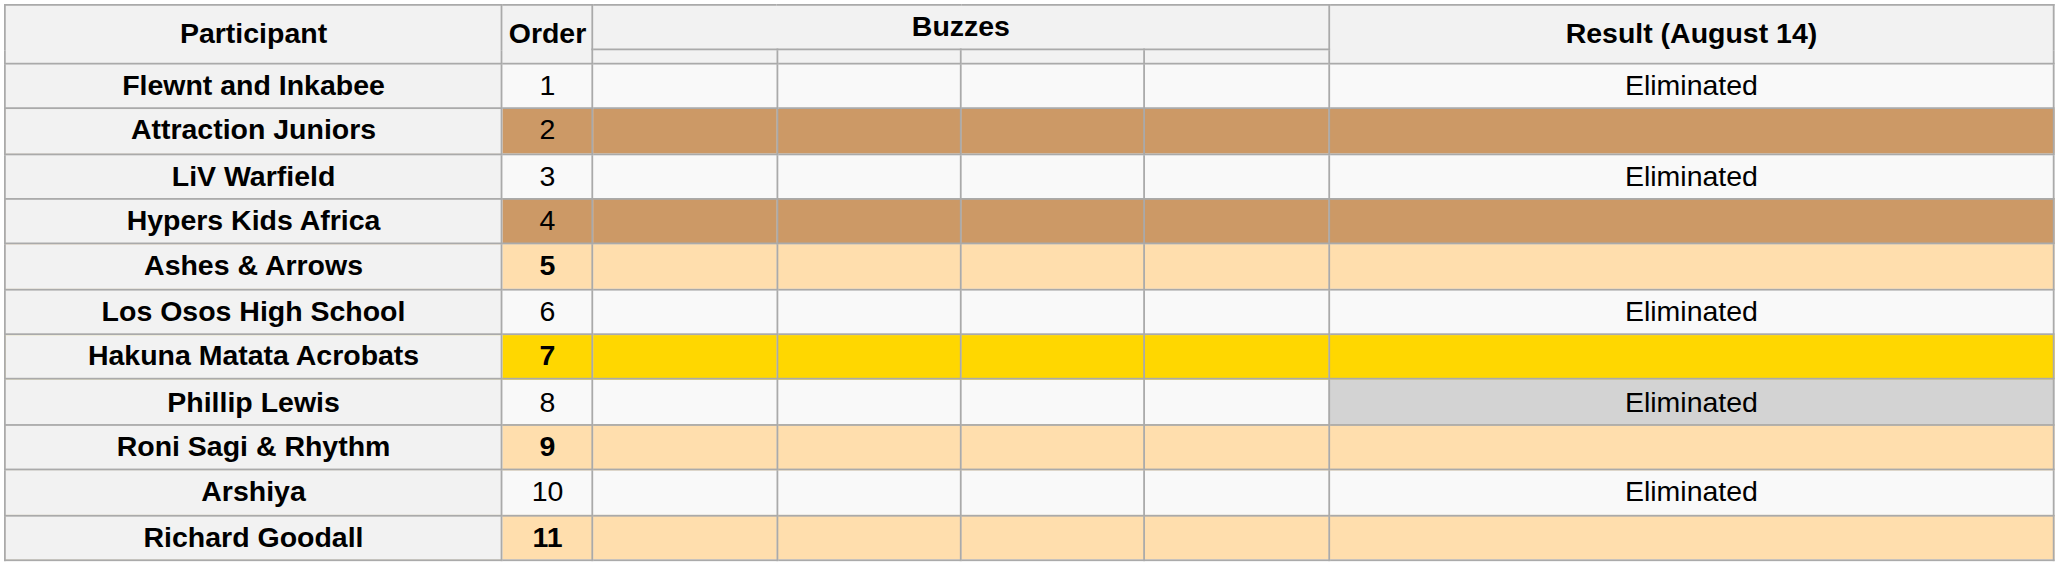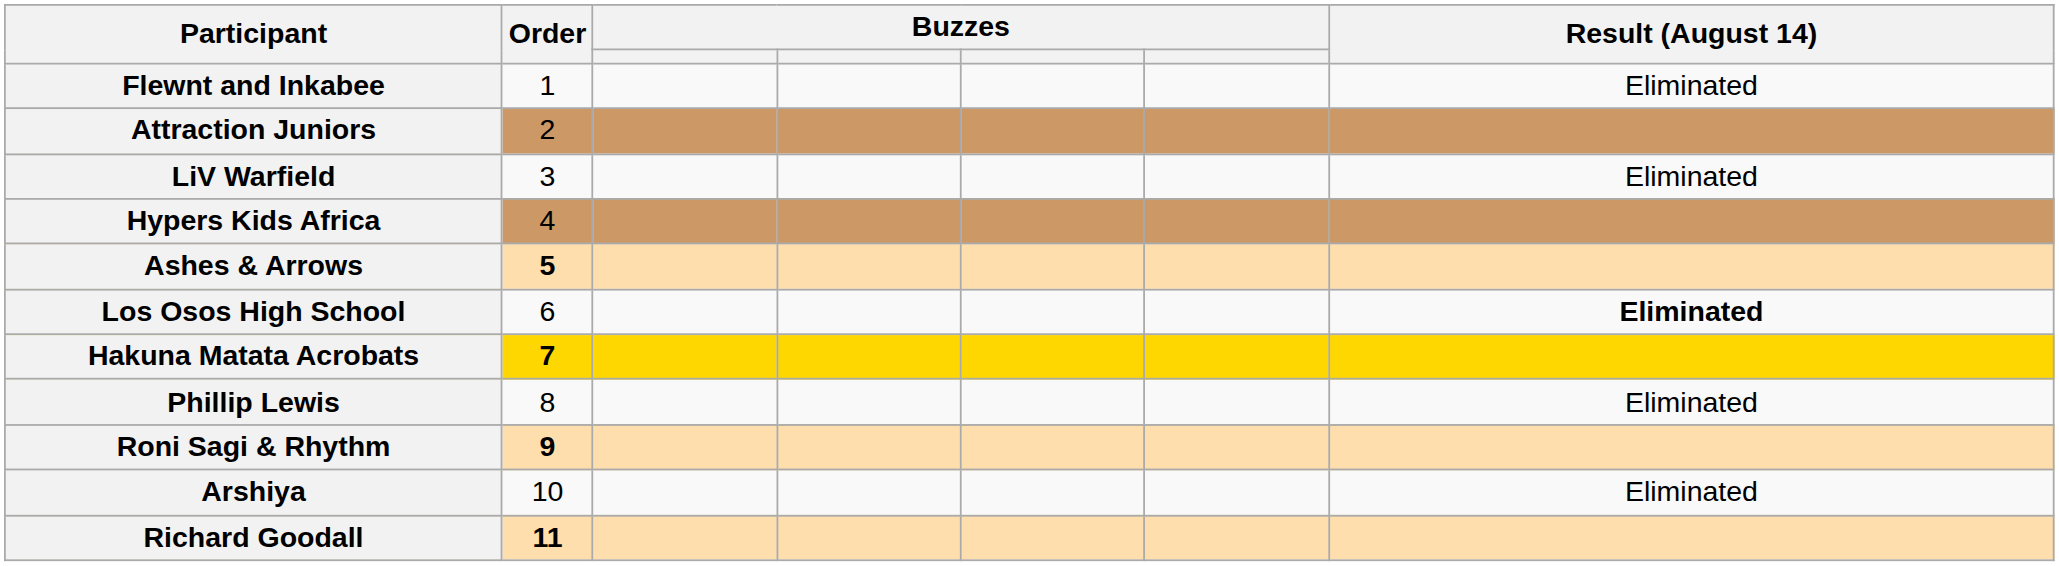 <table class="wikitable plainrowheaders sortable" style="text-align:center;">
 <tr>
 <th scope="col" rowspan="2" class="unsortable" style="width:17em;">Participant</th>
 <th scope="col" rowspan="2" style="width:1em;">Order</th>
 <th scope="col" colspan="4" class="unsortable" style="width:24em;">Buzzes</th>
 <th scope="col" rowspan="2" style="width:25em;">Result (August 14)</th>
 </tr>
 <tr>
 <th scope="col" class="unsortable" style="width:6em;"></th>
 <th scope="col" class="unsortable" style="width:6em;"></th>
 <th scope="col" class="unsortable" style="width:6em;"></th>
 <th scope="col" class="unsortable" style="width:6em;"></th>
 </tr>
 <tr>
 <th scope="row">Flewnt and Inkabee</th>
 <td>1</td>
 <td style="text-align:center;"></td>
 <td style="text-align:center;"></td>
 <td style="text-align:center;"></td>
 <td style="text-align:center;"></td>
 <td>Eliminated</td>
 </tr>
 <tr bgcolor=#c96>
 <th scope="row">Attraction Juniors</th>
 <td>2</td>
 <td style="text-align:center;"></td>
 <td style="text-align:center;"></td>
 <td style="text-align:center;"></td>
 <td style="text-align:center;"></td>
 <td></td>
 </tr>
 <tr>
 <th scope="row">LiV Warfield</th>
 <td>3</td>
 <td style="text-align:center;"></td>
 <td style="text-align:center;"></td>
 <td style="text-align:center;"></td>
 <td style="text-align:center;"></td>
 <td>Eliminated</td>
 </tr>
 <tr bgcolor=#c96>
 <th scope="row">Hypers Kids Africa</th>
 <td>4</td>
 <td style="text-align:center;"></td>
 <td style="text-align:center;"></td>
 <td style="text-align:center;"></td>
 <td style="text-align:center;"></td>
 <td></td>
 </tr>
 <tr bgcolor=navajowhite>
 <th scope="row"><strong>Ashes & Arrows</strong></th>
 <td><strong>5</strong></td>
 <td style="text-align:center;"></td>
 <td style="text-align:center;"></td>
 <td style="text-align:center;"></td>
 <td style="text-align:center;"></td>
 <td><strong></strong></td>
 </tr>
 <tr>
 <th scope="row">Los Osos High School</th>
 <td>6</td>
 <td style="text-align:center;"></td>
 <td style="text-align:center;"></td>
 <td style="text-align:center;"></td>
 <td style="text-align:center;"></td>
-<td>Eliminated</td>
+<td><strong>Eliminated</strong></td>
 </tr>
 <tr bgcolor=gold>
 <th scope="row"><strong>Hakuna Matata Acrobats</strong></th>
 <td><strong>7</strong></td>
 <td style="text-align:center;"></td>
 <td style="text-align:center;"></td>
 <td style="text-align:center;"></td>
 <td style="text-align:center;"></td>
 <td><strong></strong></td>
 </tr>
 <tr>
 <th scope="row">Phillip Lewis</th>
 <td>8</td>
 <td style="text-align:center;"></td>
 <td style="text-align:center;"></td>
 <td style="text-align:center;"></td>
 <td style="text-align:center;"></td>
-<td style="background: lightgrey;">Eliminated</td>
+<td>Eliminated</td>
 </tr>
 <tr bgcolor=navajowhite>
 <th scope="row"><strong>Roni Sagi & Rhythm</strong></th>
 <td><strong>9</strong></td>
 <td style="text-align:center;"></td>
 <td style="text-align:center;"></td>
 <td style="text-align:center;"></td>
 <td style="text-align:center;"></td>
 <td><strong></strong></td>
 </tr>
 <tr>
 <th scope="row">Arshiya</th>
 <td>10</td>
 <td style="text-align:center;"></td>
 <td style="text-align:center;"></td>
 <td style="text-align:center;"></td>
 <td style="text-align:center;"></td>
 <td>Eliminated</td>
 </tr>
 <tr bgcolor=navajowhite>
 <th scope="row"><strong>Richard Goodall</strong></th>
 <td><strong>11</strong></td>
 <td style="text-align:center;"></td>
 <td style="text-align:center;"></td>
 <td style="text-align:center;"></td>
 <td style="text-align:center;"></td>
 <td><strong></strong></td>
 </tr>
 </table>
